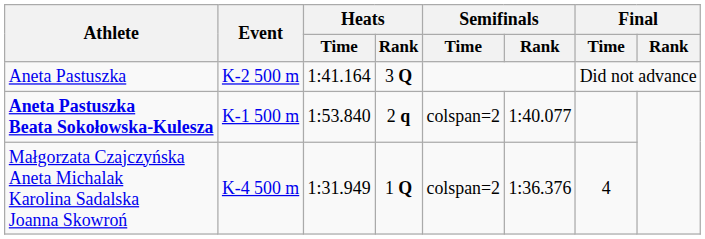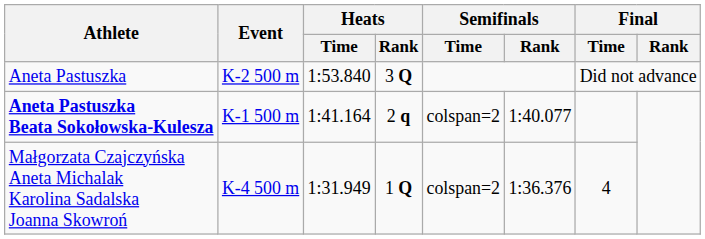 <table class="wikitable" style="font-size:90%">
 <tr>
 <th rowspan=2>Athlete</th>
 <th rowspan=2>Event</th>
 <th colspan=2>Heats</th>
 <th colspan=2>Semifinals</th>
 <th colspan=2>Final</th>
 </tr>
 <tr style="font-size:95%">
 <th>Time</th>
 <th>Rank</th>
 <th>Time</th>
 <th>Rank</th>
 <th>Time</th>
 <th>Rank</th>
 </tr>
 <tr align=center>
 <td align=left><a href='#'>Aneta Pastuszka</a></td>
 <td align=left><a href='#'>K-2 500 m</a></td>
-<td>1:41.164</td>
+<td>1:53.840</td>
 <td>3 <strong>Q</strong></td>
 <td colspan=2></td>
 <td colspan=2>Did not advance</td>
 </tr>
 <tr align=center>
 <td align=left><strong><a href='#'>Aneta Pastuszka</a><br><a href='#'>Beata Sokołowska-Kulesza</a></strong></td>
 <td align=left><a href='#'>K-1 500 m</a></td>
-<td>1:53.840</td>
+<td>1:41.164</td>
 <td>2 <strong>q</strong></td>
 <td>colspan=2 </td>
 <td>1:40.077</td>
 <td></td>
 </tr>
 <tr align=center>
 <td align=left><a href='#'>Małgorzata Czajczyńska</a><br><a href='#'>Aneta Michalak</a><br><a href='#'>Karolina Sadalska</a><br><a href='#'>Joanna Skowroń</a></td>
 <td align=left><a href='#'>K-4 500 m</a></td>
 <td>1:31.949</td>
 <td>1 <strong>Q</strong></td>
 <td>colspan=2 </td>
 <td>1:36.376</td>
 <td>4</td>
 </tr>
 </table>
